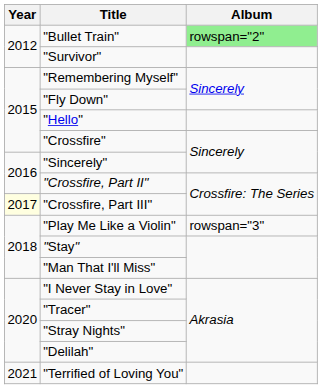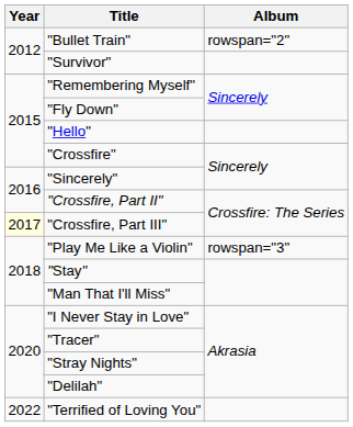 <table class="wikitable">
 <tr>
 <th>Year</th>
 <th>Title</th>
 <th>Album</th>
 </tr>
 <tr>
 <td rowspan="2">2012</td>
 <td>"Bullet Train"<br></td>
-<td style="background: lightgreen;">rowspan="2" </td>
+<td>rowspan="2" </td>
 </tr>
 <tr>
 <td>"Survivor"<br></td>
 </tr>
 <tr>
 <td rowspan="4">2015</td>
 <td>"Remembering Myself"</td>
 <td rowspan="2"><em><a href='#'>Sincerely</a></em></td>
 </tr>
 <tr>
 <td>"Fly Down"</td>
 </tr>
 <tr>
 <td>"<a href='#'>Hello</a>"</td>
 <td></td>
 </tr>
 <tr>
 <td>"Crossfire"</td>
 <td rowspan="2"><em>Sincerely</em></td>
 </tr>
 <tr>
 <td rowspan="2">2016</td>
 <td>"Sincerely"</td>
 </tr>
 <tr>
 <td><em>"Crossfire, Part II"</em><br></td>
 <td rowspan="2"><em>Crossfire: The Series</em></td>
 </tr>
 <tr>
 <td style="background: lightyellow;">2017</td>
 <td>"Crossfire, Part III"<br></td>
 </tr>
 <tr>
 <td rowspan="3">2018</td>
 <td>"Play Me Like a Violin"</td>
 <td>rowspan="3" </td>
 </tr>
 <tr>
 <td><em>"</em>Stay<em>"</em> <br></td>
 </tr>
 <tr>
 <td>"Man That I'll Miss"</td>
 </tr>
 <tr>
 <td rowspan="4">2020</td>
 <td>"I Never Stay in Love"</td>
 <td rowspan="4"><em>Akrasia</em></td>
 </tr>
 <tr>
 <td>"Tracer"</td>
 </tr>
 <tr>
 <td>"Stray Nights"</td>
 </tr>
 <tr>
 <td>"Delilah"</td>
 </tr>
 <tr>
-<td>2021</td>
+<td>2022</td>
 <td>"Terrified of Loving You"<br></td>
 <td></td>
 </tr>
 </table>
